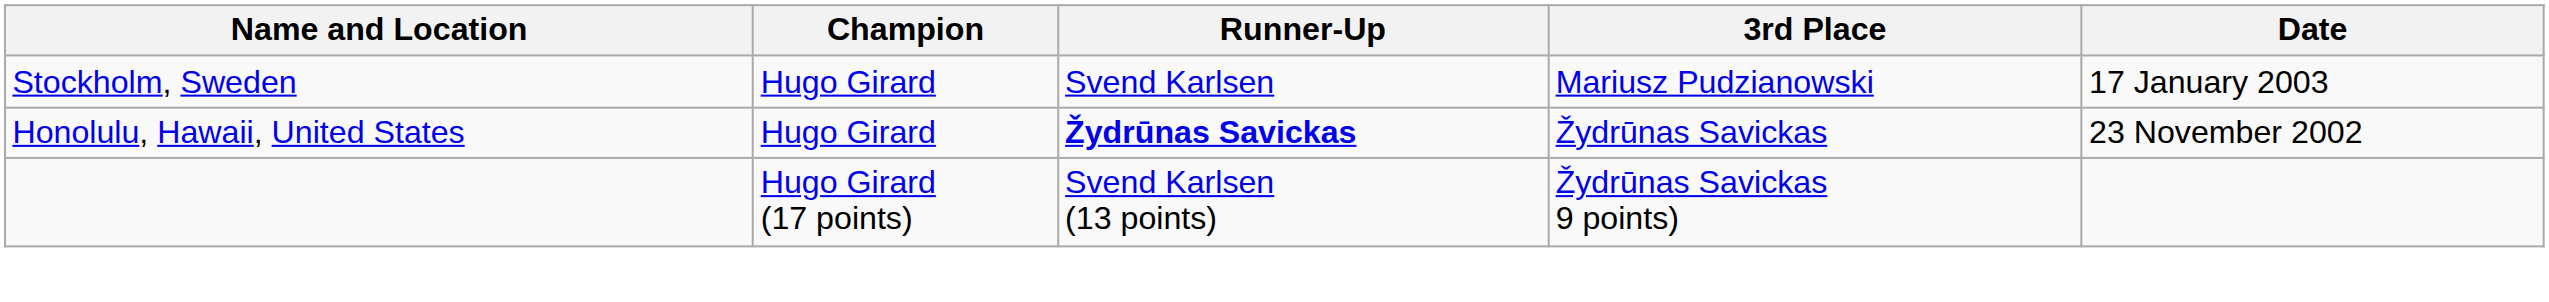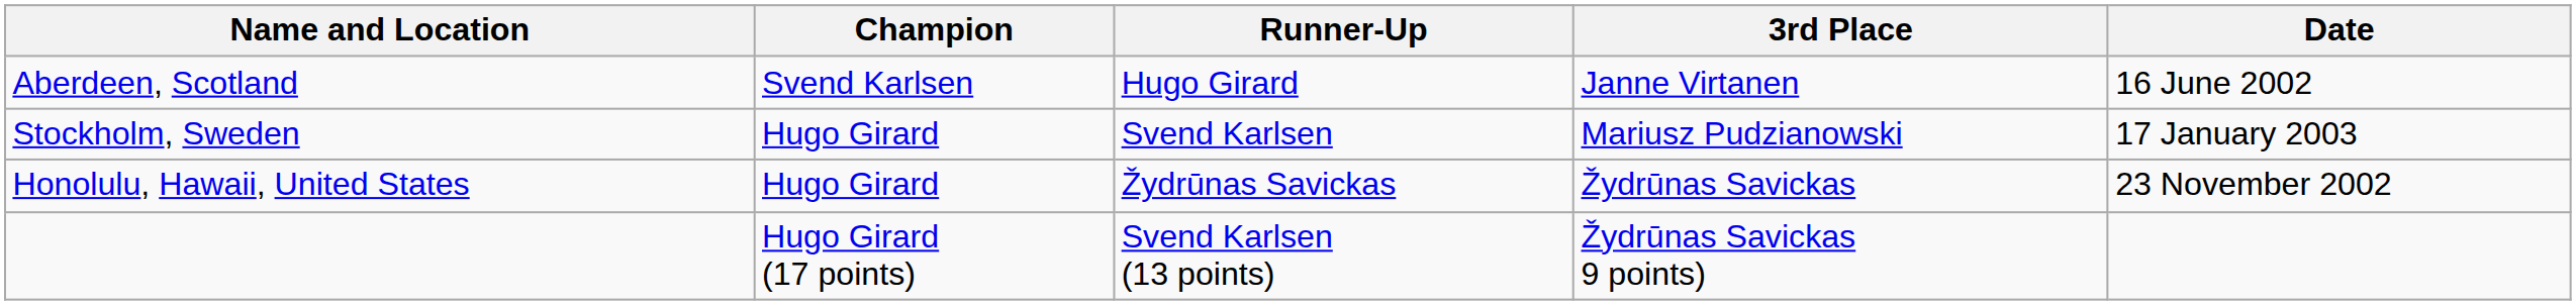 <table class="wikitable" style="display: inline-table;width: 100%;">
 <tr>
 <th>Name and Location</th>
 <th>Champion</th>
 <th>Runner-Up</th>
 <th>3rd Place</th>
 <th>Date</th>
+</tr>
+<tr>
+<td> <a href='#'>Aberdeen</a>, <a href='#'>Scotland</a> <br> </td>
+<td> <a href='#'>Svend Karlsen</a></td>
+<td> <a href='#'>Hugo Girard</a></td>
+<td> <a href='#'>Janne Virtanen</a></td>
+<td>16 June 2002</td>
 </tr>
 <tr>
 <td> <a href='#'>Stockholm</a>, <a href='#'>Sweden</a> <br> </td>
 <td> <a href='#'>Hugo Girard</a></td>
 <td> <a href='#'>Svend Karlsen</a></td>
 <td> <a href='#'>Mariusz Pudzianowski</a></td>
 <td>17 January 2003</td>
 </tr>
 <tr>
 <td> <a href='#'>Honolulu</a>, <a href='#'>Hawaii</a>, <a href='#'>United States</a> <br> </td>
 <td> <a href='#'>Hugo Girard</a></td>
-<td><strong> <a href='#'>Žydrūnas Savickas</a></strong></td>
+<td> <a href='#'>Žydrūnas Savickas</a></td>
 <td> <a href='#'>Žydrūnas Savickas</a></td>
 <td>23 November 2002</td>
 </tr>
 <tr>
 <td></td>
 <td> <a href='#'>Hugo Girard</a> <br> (17 points)</td>
 <td> <a href='#'>Svend Karlsen</a> <br> (13 points)</td>
 <td> <a href='#'>Žydrūnas Savickas</a> <br> 9 points)</td>
 <td></td>
 </tr>
 </table>
